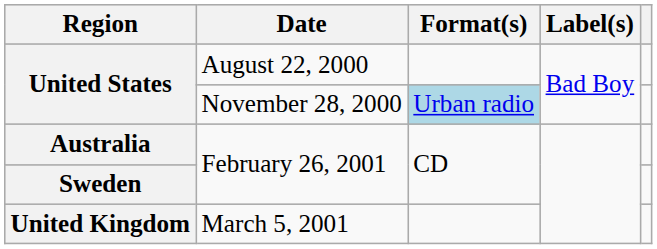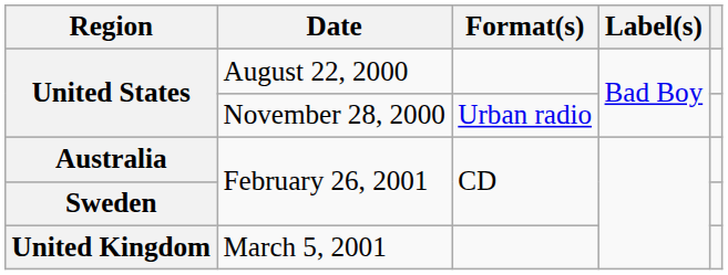 <table class="wikitable plainrowheaders">
 <tr>
 <th scope="col">Region</th>
 <th scope="col">Date</th>
 <th scope="col">Format(s)</th>
 <th scope="col">Label(s)</th>
 <th scope="col"></th>
 </tr>
 <tr>
 <th scope="row" rowspan="2">United States</th>
 <td>August 22, 2000</td>
 <td></td>
 <td rowspan="2"><a href='#'>Bad Boy</a></td>
 <td></td>
 </tr>
 <tr>
 <td>November 28, 2000</td>
-<td style="background: lightblue;"><a href='#'>Urban radio</a></td>
+<td><a href='#'>Urban radio</a></td>
 <td></td>
 </tr>
 <tr>
 <th scope="row">Australia</th>
 <td rowspan="2">February 26, 2001</td>
 <td rowspan="2">CD</td>
 <td rowspan="3"></td>
 <td></td>
 </tr>
 <tr>
 <th scope="row">Sweden</th>
 <td></td>
 </tr>
 <tr>
 <th scope="row">United Kingdom</th>
 <td>March 5, 2001</td>
 <td></td>
 <td></td>
 </tr>
 </table>
